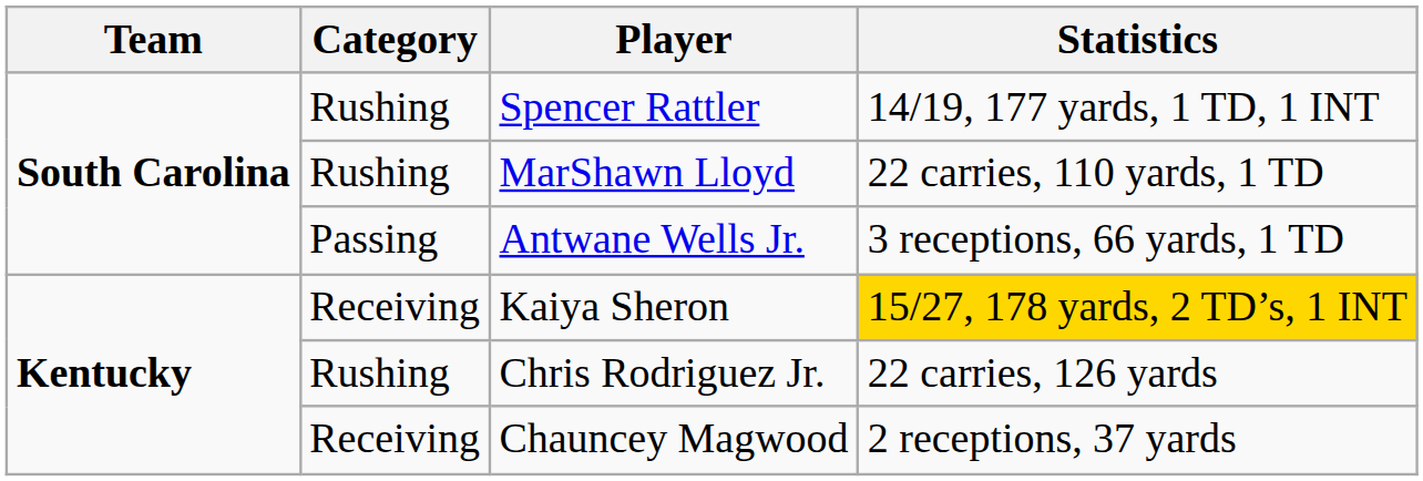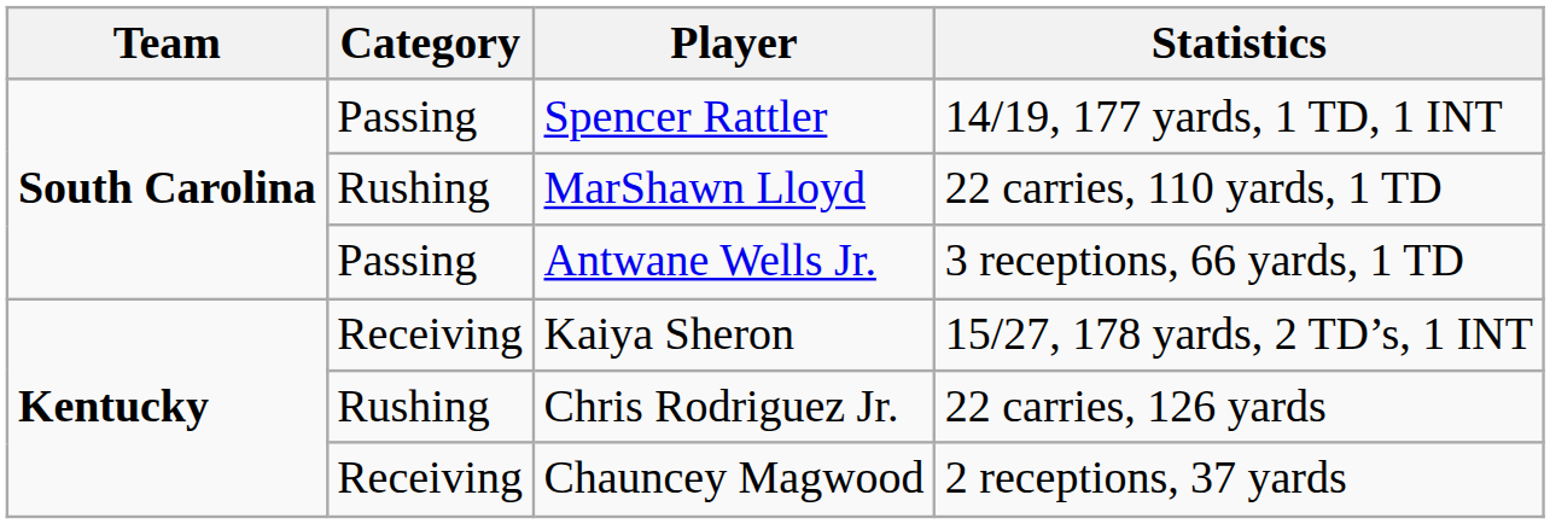 <table class="wikitable" style="float: right;">
 <tr>
 <th>Team</th>
 <th>Category</th>
 <th>Player</th>
 <th>Statistics</th>
 </tr>
 <tr>
 <td rowspan=3><strong>South Carolina</strong></td>
-<td>Rushing</td>
+<td>Passing</td>
 <td><a href='#'>Spencer Rattler</a></td>
 <td>14/19, 177 yards, 1 TD, 1 INT</td>
 </tr>
 <tr>
 <td>Rushing</td>
 <td><a href='#'>MarShawn Lloyd</a></td>
 <td>22 carries, 110 yards, 1 TD</td>
 </tr>
 <tr>
 <td>Passing</td>
 <td><a href='#'>Antwane Wells Jr.</a></td>
 <td>3 receptions, 66 yards, 1 TD</td>
 </tr>
 <tr>
 <td rowspan=3><strong>Kentucky</strong></td>
 <td>Receiving</td>
 <td>Kaiya Sheron</td>
-<td style="background: gold;">15/27, 178 yards, 2 TD’s, 1 INT</td>
+<td>15/27, 178 yards, 2 TD’s, 1 INT</td>
 </tr>
 <tr>
 <td>Rushing</td>
 <td>Chris Rodriguez Jr.</td>
 <td>22 carries, 126 yards</td>
 </tr>
 <tr>
 <td>Receiving</td>
 <td>Chauncey Magwood</td>
 <td>2 receptions, 37 yards</td>
 </tr>
 </table>
